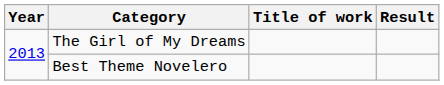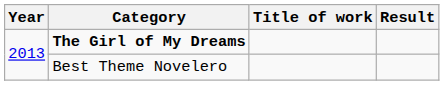 <table class="wikitable plainrowheaders sortable">
 <tr>
 <th scope="col">Year</th>
 <th scope="col">Category</th>
 <th scope="col">Title of work</th>
 <th scope="col">Result</th>
 </tr>
 <tr>
 <td rowspan=2><a href='#'>2013</a></td>
-<td>The Girl of My Dreams</td>
+<td><strong>The Girl of My Dreams</strong></td>
 <td></td>
 <td></td>
 </tr>
 <tr>
 <td>Best Theme Novelero</td>
 <td></td>
 <td></td>
 </tr>
 </table>
